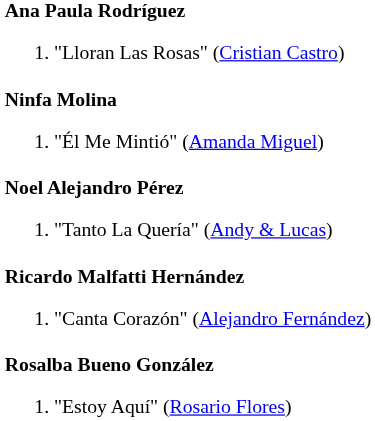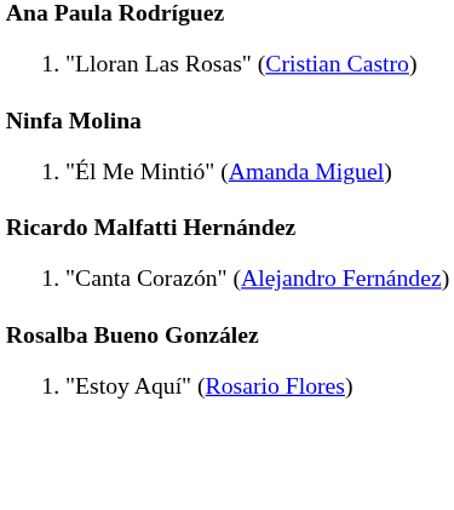 <table border="0" cellpadding="0" cellspacing="4" style="margin:0 1em 1em 0; text-align:left;">
 <tr>
 <td valign="top"></td>
 <td valign="top"><strong>Ana Paula Rodríguez</strong><br><ol><li>"Lloran Las Rosas" (<a href='#'>Cristian Castro</a>)</li></ol></td>
 </tr>
 <tr>
 <td valign="top"></td>
 <td valign="top"><strong>Ninfa Molina</strong><br><ol><li>"Él Me Mintió" (<a href='#'>Amanda Miguel</a>)</li></ol></td>
 </tr>
 <tr>
 <td valign="top"></td>
-<td valign="top"><strong>Noel Alejandro Pérez</strong><br><ol><li>"Tanto La Quería" (<a href='#'>Andy & Lucas</a>)</li></ol></td>
-</tr>
-<tr>
-<td valign="top"></td>
 <td valign="top"><strong>Ricardo Malfatti Hernández</strong><br><ol><li>"Canta Corazón" (<a href='#'>Alejandro Fernández</a>)</li></ol></td>
 </tr>
 <tr>
 <td valign="top"></td>
 <td valign="top"><strong>Rosalba Bueno González</strong><br><ol><li>"Estoy Aquí" (<a href='#'>Rosario Flores</a>)</li></ol></td>
 </tr>
 </table>
